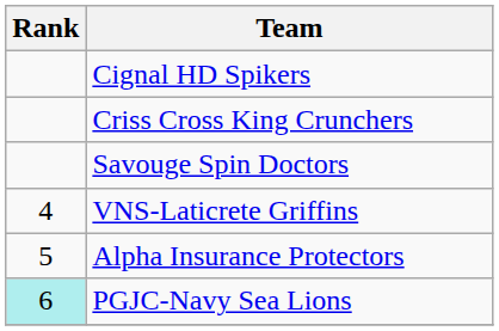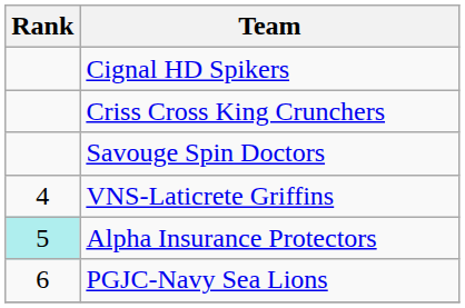 <table class="wikitable" style="text-align: center">
 <tr>
 <th width=>Rank</th>
 <th width=220>Team</th>
 </tr>
 <tr>
 <td></td>
 <td style="text-align:left"><a href='#'>Cignal HD Spikers</a></td>
 </tr>
 <tr>
 <td></td>
 <td style="text-align:left"><a href='#'>Criss Cross King Crunchers</a></td>
 </tr>
 <tr>
 <td></td>
 <td style="text-align:left"><a href='#'>Savouge Spin Doctors</a></td>
 </tr>
 <tr>
 <td>4</td>
 <td style="text-align:left"><a href='#'>VNS-Laticrete Griffins</a></td>
 </tr>
 <tr>
-<td>5</td>
+<td style="background: paleturquoise;">5</td>
 <td style="text-align:left"><a href='#'>Alpha Insurance Protectors</a></td>
 </tr>
 <tr>
-<td style="background: paleturquoise;">6</td>
+<td>6</td>
 <td style="text-align:left"><a href='#'>PGJC-Navy Sea Lions</a></td>
 </tr>
 <tr>
 </tr>
 </table>
